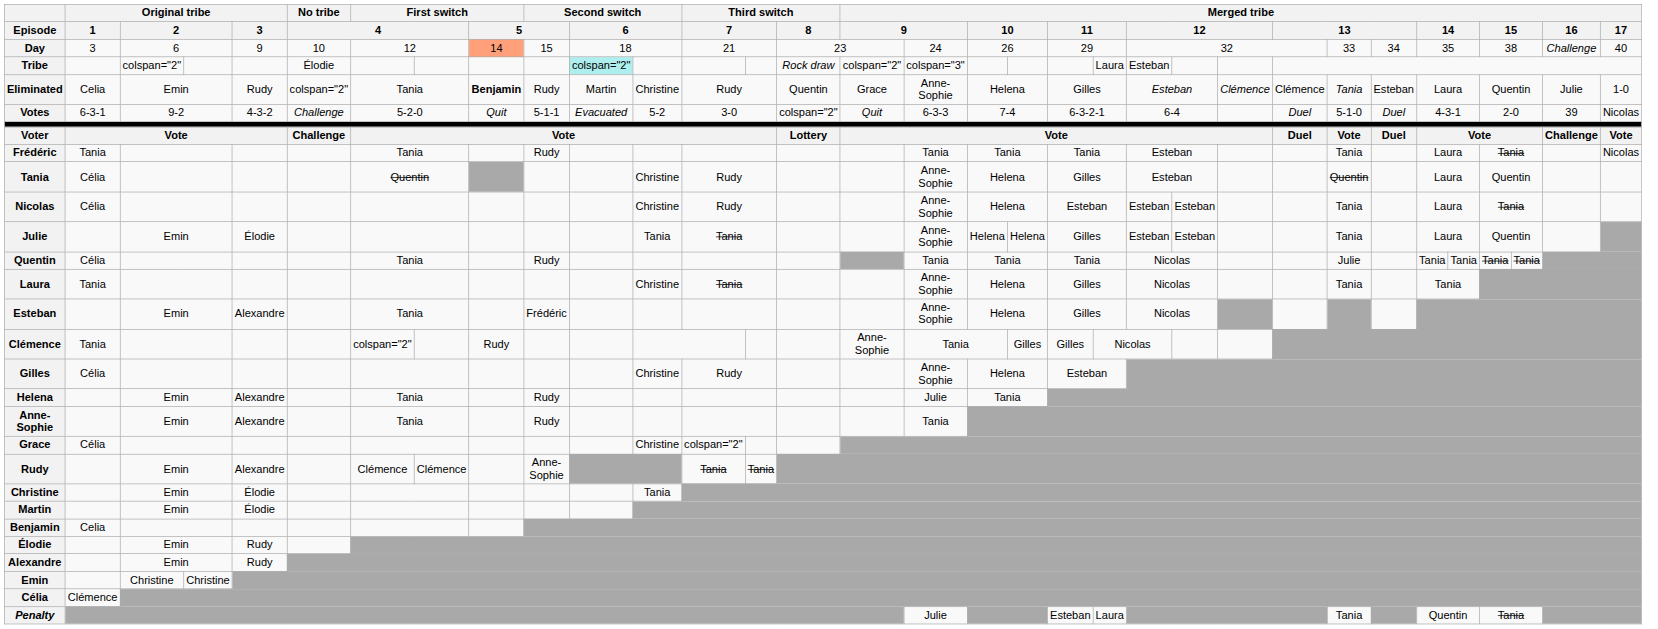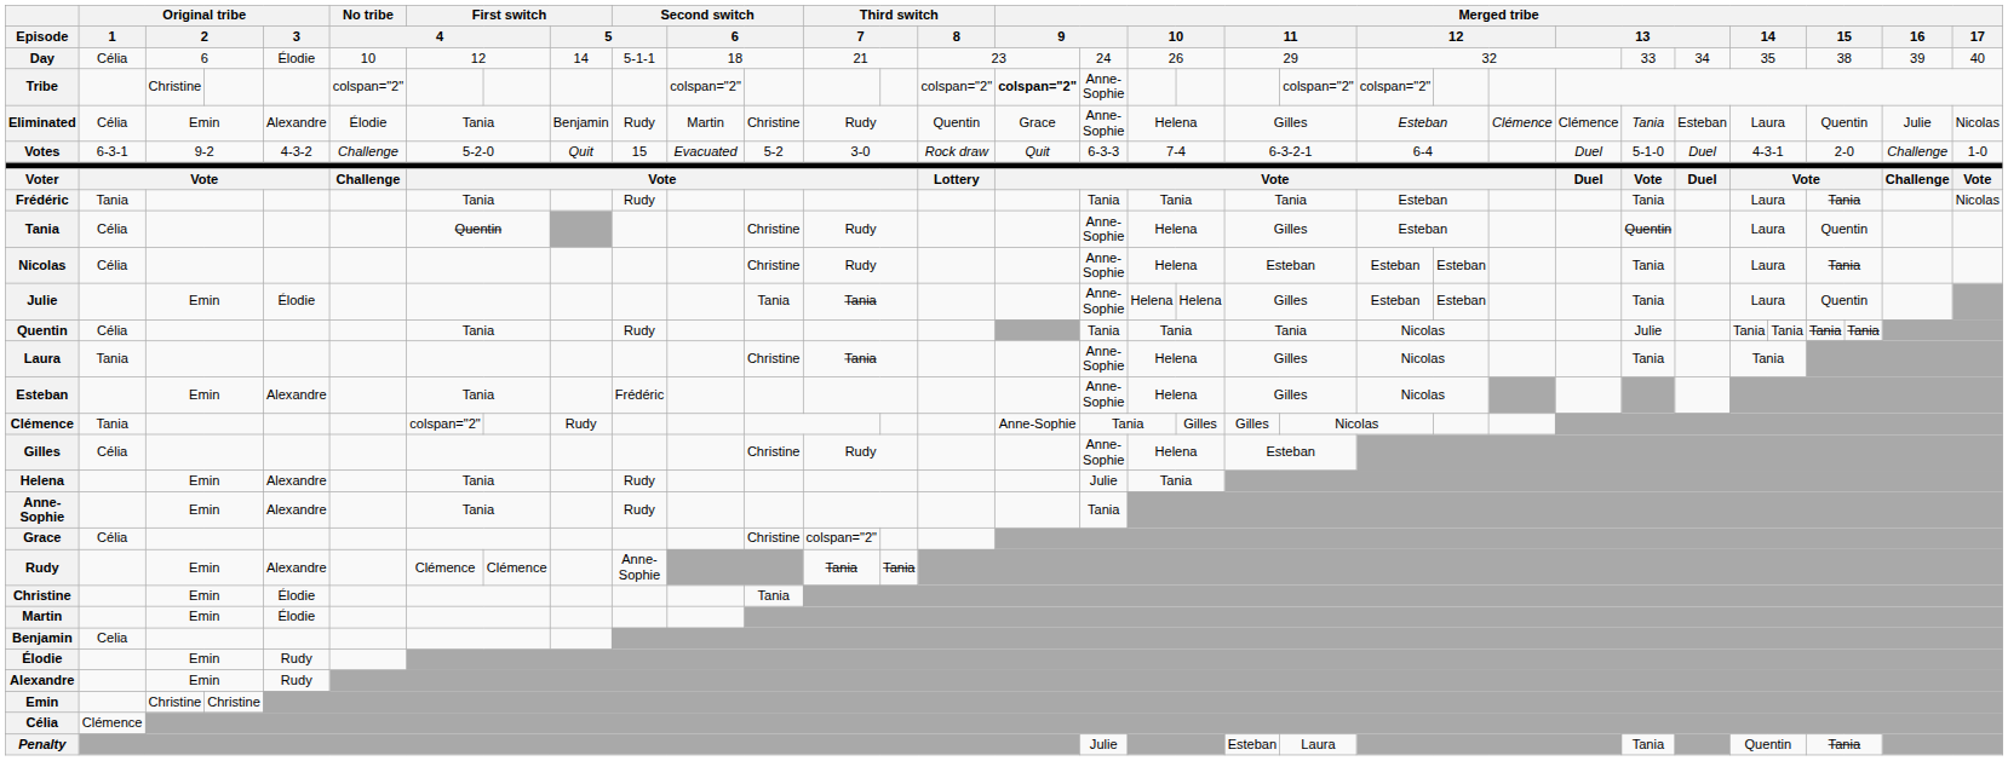 <table class="wikitable" style="text-align:center;">
 <tr>
 <th></th>
 <th colspan="4">Original tribe</th>
 <th>No tribe</th>
 <th colspan="3">First switch</th>
 <th colspan="3">Second switch</th>
 <th colspan="3">Third switch</th>
 <th colspan="100%">Merged tribe</th>
 </tr>
 <tr>
 <th>Episode</th>
 <th>1</th>
 <th colspan="2">2</th>
 <th>3</th>
 <th colspan="3">4</th>
 <th colspan="2">5</th>
 <th colspan="2">6</th>
 <th colspan="2">7</th>
 <th>8</th>
 <th colspan="2">9</th>
 <th colspan="2">10</th>
 <th colspan="2">11</th>
 <th colspan="3">12</th>
 <th colspan="3">13</th>
 <th colspan="2">14</th>
 <th colspan="2">15</th>
 <th>16</th>
 <th>17</th>
 </tr>
 <tr>
 <th>Day</th>
-<td>3</td>
+<td>Célia</td>
 <td colspan="2">6</td>
-<td>9</td>
+<td>Élodie</td>
 <td>10</td>
 <td colspan="2">12</td>
-<td style="background: lightsalmon;">14</td>
-<td>15</td>
+<td>14</td>
+<td>5-1-1</td>
 <td colspan="2">18</td>
 <td colspan="2">21</td>
 <td colspan="2">23</td>
 <td>24</td>
 <td colspan="2">26</td>
 <td colspan="2">29</td>
 <td colspan="4">32</td>
 <td>33</td>
 <td>34</td>
 <td colspan="2">35</td>
 <td colspan="2">38</td>
-<td><em>Challenge</em></td>
+<td>39</td>
 <td>40</td>
 </tr>
 <tr>
 <th>Tribe</th>
 <td></td>
-<td>colspan="2" </td>
+<td>Christine</td>
 <td></td>
 <td></td>
-<td>Élodie</td>
+<td>colspan="2" </td>
 <td></td>
 <td></td>
 <td></td>
 <td></td>
-<td style="background: paleturquoise;">colspan="2" </td>
+<td>colspan="2" </td>
 <td></td>
 <td></td>
 <td></td>
-<td><em>Rock draw</em></td>
 <td>colspan="2" </td>
-<td>colspan="3" </td>
+<td><strong>colspan="2" </strong></td>
+<td>Anne-Sophie</td>
 <td></td>
 <td></td>
 <td></td>
-<td>Laura</td>
-<td>Esteban</td>
+<td>colspan="2" </td>
+<td>colspan="2" </td>
 <td></td>
 <td></td>
 </tr>
 <tr>
 <th>Eliminated</th>
-<td>Celia</td>
+<td>Célia</td>
 <td colspan="2">Emin</td>
-<td>Rudy</td>
-<td>colspan="2" </td>
+<td>Alexandre</td>
+<td>Élodie</td>
 <td colspan="2">Tania</td>
-<td><strong>Benjamin</strong></td>
+<td>Benjamin</td>
 <td>Rudy</td>
 <td>Martin</td>
 <td>Christine</td>
 <td colspan="2">Rudy</td>
 <td>Quentin</td>
 <td>Grace</td>
 <td>Anne-Sophie</td>
 <td colspan="2">Helena</td>
 <td colspan="2">Gilles</td>
 <td colspan="2"><em>Esteban</em></td>
 <td><em>Clémence</em></td>
 <td>Clémence</td>
 <td><em>Tania</em></td>
 <td>Esteban</td>
 <td colspan="2">Laura</td>
 <td colspan="2">Quentin</td>
 <td>Julie</td>
-<td>1-0</td>
+<td>Nicolas</td>
 </tr>
 <tr>
 <th>Votes</th>
 <td>6-3-1</td>
 <td colspan="2">9-2</td>
 <td>4-3-2</td>
 <td><em>Challenge</em></td>
 <td colspan="2">5-2-0</td>
 <td><em>Quit</em></td>
-<td>5-1-1</td>
+<td>15</td>
 <td><em>Evacuated</em></td>
 <td>5-2</td>
 <td colspan="2">3-0</td>
-<td>colspan="2" </td>
+<td><em>Rock draw</em></td>
 <td><em>Quit</em></td>
 <td>6-3-3</td>
 <td colspan="2">7-4</td>
 <td colspan="2">6-3-2-1</td>
 <td colspan="2">6-4</td>
 <td></td>
 <td><em>Duel</em></td>
 <td>5-1-0</td>
 <td><em>Duel</em></td>
 <td colspan="2">4-3-1</td>
 <td colspan="2">2-0</td>
-<td>39</td>
-<td>Nicolas</td>
+<td><em>Challenge</em></td>
+<td>1-0</td>
 </tr>
 <tr>
 <td colspan="100%" style="background:black;"></td>
 </tr>
 <tr>
 <th>Voter</th>
 <th colspan="4">Vote</th>
 <th>Challenge</th>
 <th colspan="8">Vote</th>
 <th>Lottery</th>
 <th colspan="9">Vote</th>
 <th>Duel</th>
 <th>Vote</th>
 <th>Duel</th>
 <th colspan="4">Vote</th>
 <th>Challenge</th>
 <th>Vote</th>
 </tr>
 <tr>
 <th>Frédéric</th>
 <td>Tania</td>
 <td colspan="2"></td>
 <td></td>
 <td></td>
 <td colspan="2">Tania</td>
 <td></td>
 <td>Rudy</td>
 <td></td>
 <td></td>
 <td colspan="2"></td>
 <td></td>
 <td></td>
 <td>Tania</td>
 <td colspan="2">Tania</td>
 <td colspan="2">Tania</td>
 <td colspan="2">Esteban</td>
 <td></td>
 <td></td>
 <td>Tania</td>
 <td></td>
 <td colspan="2">Laura</td>
 <td colspan="2"><s>Tania</s></td>
 <td></td>
 <td>Nicolas</td>
 </tr>
 <tr>
 <th>Tania</th>
 <td>Célia</td>
 <td colspan="2"></td>
 <td></td>
 <td></td>
 <td colspan="2"><s>Quentin</s></td>
 <td style="background:darkgray; border:none;"></td>
 <td></td>
 <td></td>
 <td>Christine</td>
 <td colspan="2">Rudy</td>
 <td></td>
 <td></td>
 <td>Anne-Sophie</td>
 <td colspan="2">Helena</td>
 <td colspan="2">Gilles</td>
 <td colspan="2">Esteban</td>
 <td></td>
 <td></td>
 <td><s>Quentin</s></td>
 <td></td>
 <td colspan="2">Laura</td>
 <td colspan="2">Quentin</td>
 <td></td>
 <td></td>
 </tr>
 <tr>
 <th>Nicolas</th>
 <td>Célia</td>
 <td colspan="2"></td>
 <td></td>
 <td></td>
 <td colspan="2"></td>
 <td></td>
 <td></td>
 <td></td>
 <td>Christine</td>
 <td colspan="2">Rudy</td>
 <td></td>
 <td></td>
 <td>Anne-Sophie</td>
 <td colspan="2">Helena</td>
 <td colspan="2">Esteban</td>
 <td>Esteban</td>
 <td>Esteban</td>
 <td></td>
 <td></td>
 <td>Tania</td>
 <td></td>
 <td colspan="2">Laura</td>
 <td colspan="2"><s>Tania</s></td>
 <td></td>
 <td></td>
 </tr>
 <tr>
 <th>Julie</th>
 <td></td>
 <td colspan="2">Emin</td>
 <td>Élodie</td>
 <td></td>
 <td colspan="2"></td>
 <td></td>
 <td></td>
 <td></td>
 <td>Tania</td>
 <td colspan="2"><s>Tania</s></td>
 <td></td>
 <td></td>
 <td>Anne-Sophie</td>
 <td>Helena</td>
 <td>Helena</td>
 <td colspan="2">Gilles</td>
 <td>Esteban</td>
 <td>Esteban</td>
 <td></td>
 <td></td>
 <td>Tania</td>
 <td></td>
 <td colspan="2">Laura</td>
 <td colspan="2">Quentin</td>
 <td></td>
 <td colspan="100%" style="background:darkgray; border:none;"></td>
 </tr>
 <tr>
 <th>Quentin</th>
 <td>Célia</td>
 <td colspan="2"></td>
 <td></td>
 <td></td>
 <td colspan="2">Tania</td>
 <td></td>
 <td>Rudy</td>
 <td></td>
 <td></td>
 <td colspan="2"></td>
 <td></td>
 <td style="background:darkgray; border:none;"></td>
 <td>Tania</td>
 <td colspan="2">Tania</td>
 <td colspan="2">Tania</td>
 <td colspan="2">Nicolas</td>
 <td></td>
 <td></td>
 <td>Julie</td>
 <td></td>
 <td>Tania</td>
 <td>Tania</td>
 <td><s>Tania</s></td>
 <td><s>Tania</s></td>
 <td colspan="100%" style="background:darkgray; border:none;"></td>
 </tr>
 <tr>
 <th>Laura</th>
 <td>Tania</td>
 <td colspan="2"></td>
 <td></td>
 <td></td>
 <td colspan="2"></td>
 <td></td>
 <td></td>
 <td></td>
 <td>Christine</td>
 <td colspan="2"><s>Tania</s></td>
 <td></td>
 <td></td>
 <td>Anne-Sophie</td>
 <td colspan="2">Helena</td>
 <td colspan="2">Gilles</td>
 <td colspan="2">Nicolas</td>
 <td></td>
 <td></td>
 <td>Tania</td>
 <td></td>
 <td colspan="2">Tania</td>
 <td colspan="100%" style="background:darkgray; border:none;"></td>
 </tr>
 <tr>
 <th>Esteban</th>
 <td></td>
 <td colspan="2">Emin</td>
 <td>Alexandre</td>
 <td></td>
 <td colspan="2">Tania</td>
 <td></td>
 <td>Frédéric</td>
 <td></td>
 <td></td>
 <td colspan="2"></td>
 <td></td>
 <td></td>
 <td>Anne-Sophie</td>
 <td colspan="2">Helena</td>
 <td colspan="2">Gilles</td>
 <td colspan="2">Nicolas</td>
 <td style="background:darkgray; border:none;"></td>
 <td></td>
 <td style="background:darkgray; border:none;"></td>
 <td></td>
 <td colspan="100%" style="background:darkgray; border:none;"></td>
 </tr>
 <tr>
 <th>Clémence</th>
 <td>Tania</td>
 <td colspan="2"></td>
 <td></td>
 <td></td>
 <td>colspan="2" </td>
 <td></td>
 <td>Rudy</td>
 <td></td>
 <td></td>
 <td colspan="2"></td>
 <td></td>
 <td></td>
 <td>Anne-Sophie</td>
 <td colspan="2">Tania</td>
 <td>Gilles</td>
 <td>Gilles</td>
 <td colspan="2">Nicolas</td>
 <td></td>
 <td></td>
 <td colspan="100%" style="background:darkgray; border:none;"></td>
 </tr>
 <tr>
 <th>Gilles</th>
 <td>Célia</td>
 <td colspan="2"></td>
 <td></td>
 <td></td>
 <td colspan="2"></td>
 <td></td>
 <td></td>
 <td></td>
 <td>Christine</td>
 <td colspan="2">Rudy</td>
 <td></td>
 <td></td>
 <td>Anne-Sophie</td>
 <td colspan="2">Helena</td>
 <td colspan="2">Esteban</td>
 <td colspan="100%" style="background:darkgray; border:none;"></td>
 </tr>
 <tr>
 <th>Helena</th>
 <td></td>
 <td colspan="2">Emin</td>
 <td>Alexandre</td>
 <td></td>
 <td colspan="2">Tania</td>
 <td></td>
 <td>Rudy</td>
 <td></td>
 <td></td>
 <td colspan="2"></td>
 <td></td>
 <td></td>
 <td>Julie</td>
 <td colspan="2">Tania</td>
 <td colspan="100%" style="background:darkgray; border:none;"></td>
 </tr>
 <tr>
 <th>Anne-Sophie</th>
 <td></td>
 <td colspan="2">Emin</td>
 <td>Alexandre</td>
 <td></td>
 <td colspan="2">Tania</td>
 <td></td>
 <td>Rudy</td>
 <td></td>
 <td></td>
 <td colspan="2"></td>
 <td></td>
 <td></td>
 <td>Tania</td>
 <td colspan="100%" style="background:darkgray; border:none;"></td>
 </tr>
 <tr>
 <th>Grace</th>
 <td>Célia</td>
 <td colspan="2"></td>
 <td></td>
 <td></td>
 <td colspan="2"></td>
 <td></td>
 <td></td>
 <td></td>
 <td>Christine</td>
 <td>colspan="2" </td>
 <td></td>
 <td></td>
 <td colspan="100%" style="background:darkgray; border:none;"></td>
 </tr>
 <tr>
 <th>Rudy</th>
 <td></td>
 <td colspan="2">Emin</td>
 <td>Alexandre</td>
 <td></td>
 <td>Clémence</td>
 <td>Clémence</td>
 <td></td>
 <td>Anne-Sophie</td>
 <td colspan="2" style="background:darkgray; border:none;"></td>
 <td><s>Tania</s></td>
 <td><s>Tania</s></td>
 <td colspan="100%" style="background:darkgray; border:none;"></td>
 </tr>
 <tr>
 <th>Christine</th>
 <td></td>
 <td colspan="2">Emin</td>
 <td>Élodie</td>
 <td></td>
 <td colspan="2"></td>
 <td></td>
 <td></td>
 <td></td>
 <td>Tania</td>
 <td colspan="100%" style="background:darkgray; border:none;"></td>
 </tr>
 <tr>
 <th>Martin</th>
 <td></td>
 <td colspan="2">Emin</td>
 <td>Élodie</td>
 <td></td>
 <td colspan="2"></td>
 <td></td>
 <td></td>
 <td></td>
 <td colspan="100%" style="background:darkgray; border:none;"></td>
 </tr>
 <tr>
 <th>Benjamin</th>
 <td>Celia</td>
 <td colspan="2"></td>
 <td></td>
 <td></td>
 <td colspan="2"></td>
 <td></td>
 <td colspan="100%" style="background:darkgray; border:none;"></td>
 </tr>
 <tr>
 <th>Élodie</th>
 <td></td>
 <td colspan="2">Emin</td>
 <td>Rudy</td>
 <td></td>
 <td colspan="100%" style="background:darkgray; border:none;"></td>
 </tr>
 <tr>
 <th>Alexandre</th>
 <td></td>
 <td colspan="2">Emin</td>
 <td>Rudy</td>
 <td colspan="100%" style="background:darkgray; border:none;"></td>
 </tr>
 <tr>
 <th>Emin</th>
 <td></td>
 <td>Christine</td>
 <td>Christine</td>
 <td colspan="100%" style="background:darkgray; border:none;"></td>
 </tr>
 <tr>
 <th>Célia</th>
 <td>Clémence</td>
 <td colspan="100%" style="background:darkgray; border:none;"></td>
 </tr>
 <tr>
 <th><em>Penalty</em></th>
 <td colspan="15" style="background:darkgray; border:none;"></td>
 <td>Julie</td>
 <td colspan="2" style="background:darkgray; border:none;"></td>
 <td>Esteban</td>
 <td>Laura</td>
 <td colspan="4" style="background:darkgray; border:none;"></td>
 <td>Tania</td>
 <td style="background:darkgray; border:none;"></td>
 <td colspan="2">Quentin</td>
 <td colspan="2"><s>Tania</s></td>
 <td colspan="100%" style="background:darkgray; border:none;"></td>
 </tr>
 </table>
